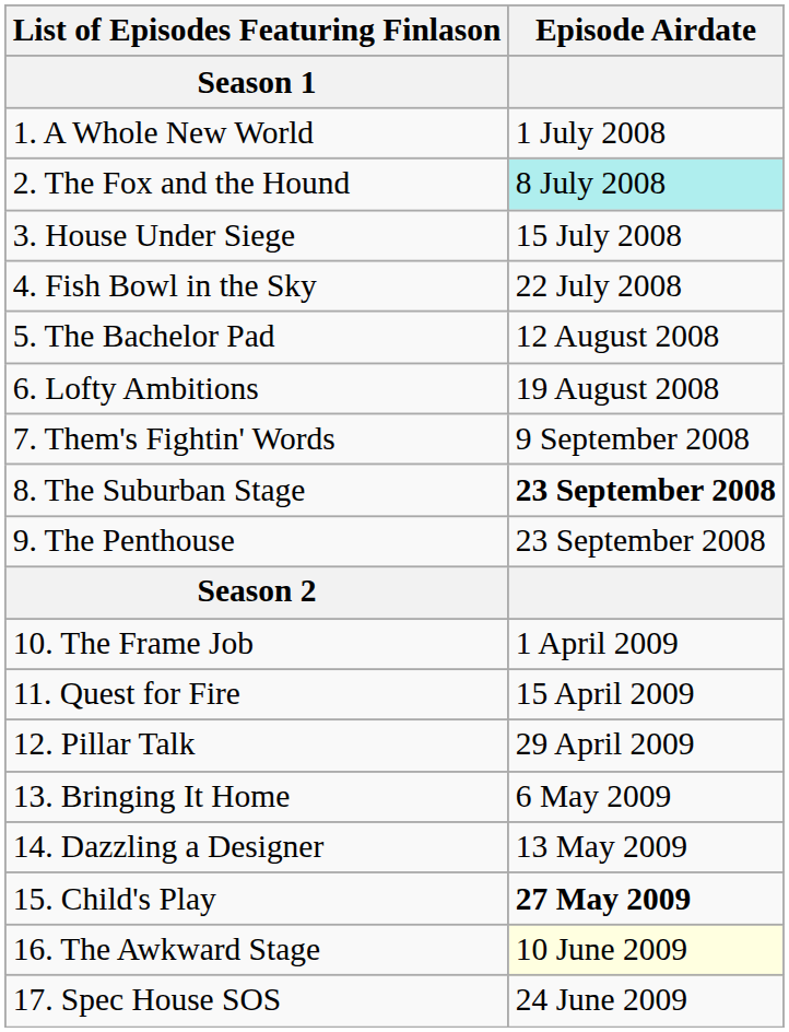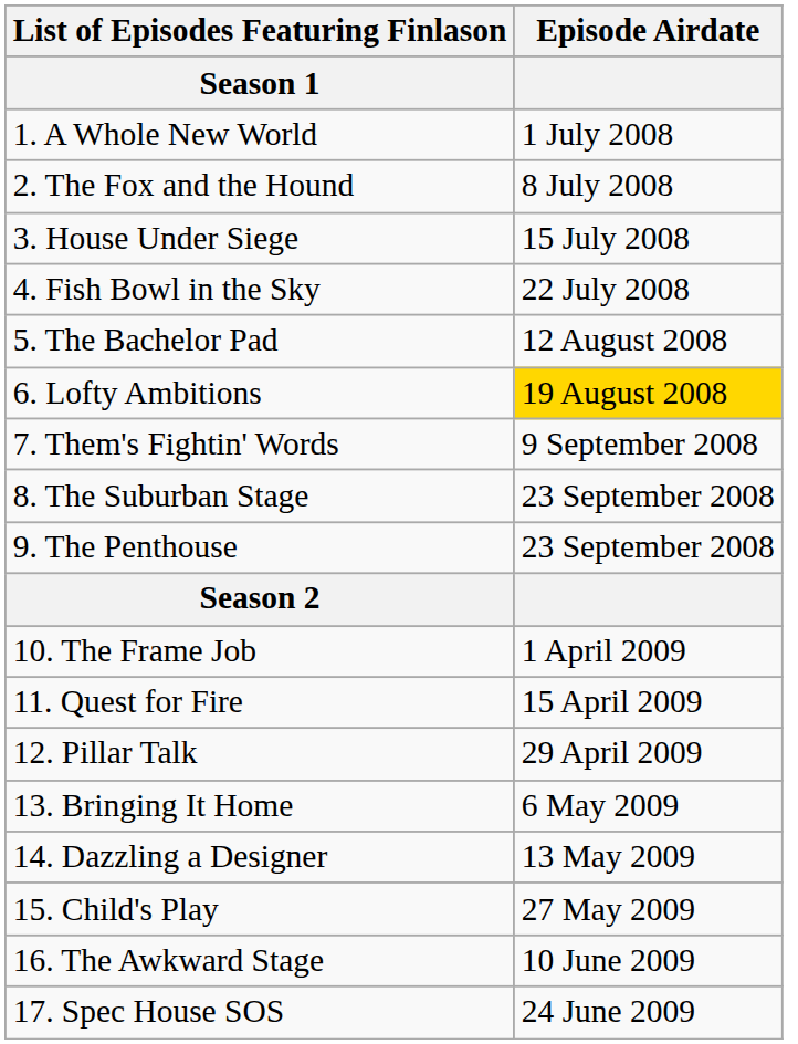 <table class="wikitable">
 <tr>
 <th>List of Episodes Featuring Finlason</th>
 <th>Episode Airdate</th>
 </tr>
 <tr>
 <th>Season 1</th>
 <th></th>
 </tr>
 <tr>
 <td>1. A Whole New World</td>
 <td>1 July 2008</td>
 </tr>
 <tr>
 <td>2. The Fox and the Hound</td>
-<td style="background: paleturquoise;">8 July 2008</td>
+<td>8 July 2008</td>
 </tr>
 <tr>
 <td>3. House Under Siege</td>
 <td>15 July 2008</td>
 </tr>
 <tr>
 <td>4. Fish Bowl in the Sky</td>
 <td>22 July 2008</td>
 </tr>
 <tr>
 <td>5. The Bachelor Pad</td>
 <td>12 August 2008</td>
 </tr>
 <tr>
 <td>6. Lofty Ambitions</td>
-<td>19 August 2008</td>
+<td style="background: gold;">19 August 2008</td>
 </tr>
 <tr>
 <td>7. Them's Fightin' Words</td>
 <td>9 September 2008</td>
 </tr>
 <tr>
 <td>8. The Suburban Stage</td>
-<td><strong>23 September 2008</strong></td>
+<td>23 September 2008</td>
 </tr>
 <tr>
 <td>9. The Penthouse</td>
 <td>23 September 2008</td>
 </tr>
 <tr>
 <th>Season 2</th>
 <th></th>
 </tr>
 <tr>
 <td>10. The Frame Job</td>
 <td>1 April 2009</td>
 </tr>
 <tr>
 <td>11. Quest for Fire</td>
 <td>15 April 2009</td>
 </tr>
 <tr>
 <td>12. Pillar Talk</td>
 <td>29 April 2009</td>
 </tr>
 <tr>
 <td>13. Bringing It Home</td>
 <td>6 May 2009</td>
 </tr>
 <tr>
 <td>14. Dazzling a Designer</td>
 <td>13 May 2009</td>
 </tr>
 <tr>
 <td>15. Child's Play</td>
-<td><strong>27 May 2009</strong></td>
+<td>27 May 2009</td>
 </tr>
 <tr>
 <td>16. The Awkward Stage</td>
-<td style="background: lightyellow;">10 June 2009</td>
+<td>10 June 2009</td>
 </tr>
 <tr>
 <td>17. Spec House SOS</td>
 <td>24 June 2009</td>
 </tr>
 </table>
